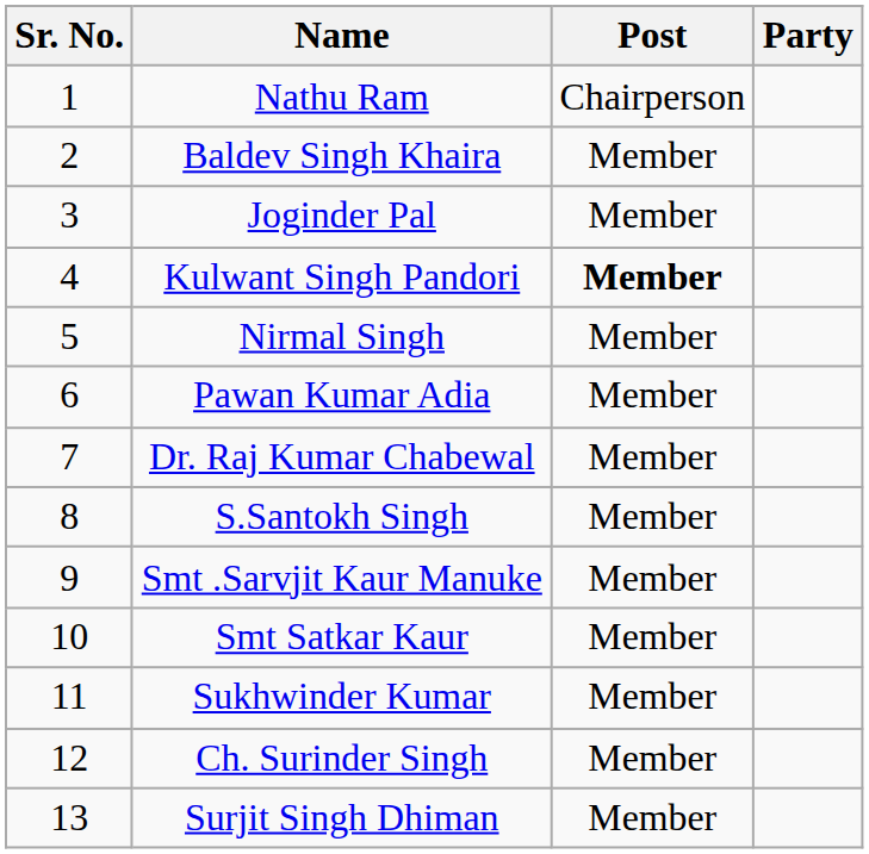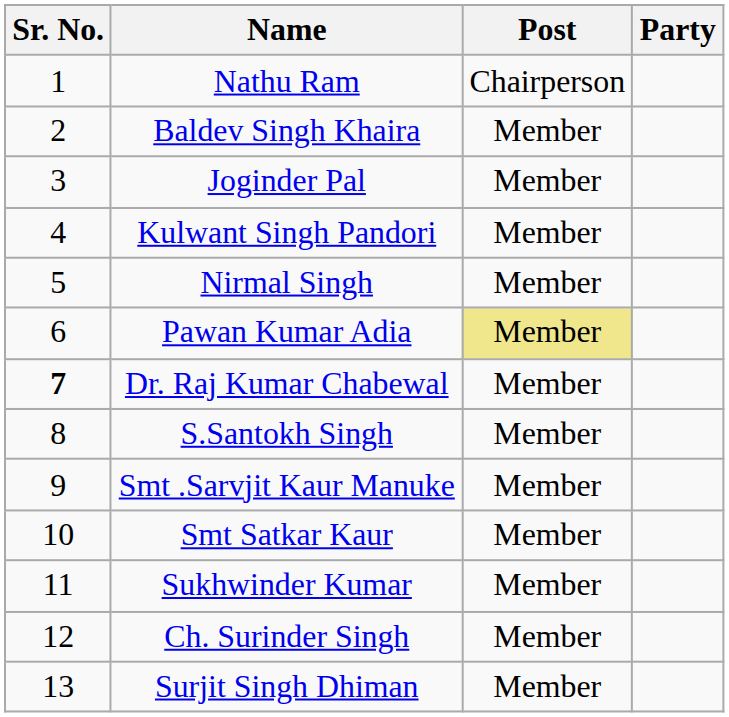 <table class="wikitable">
 <tr>
 <th>Sr. No.</th>
 <th>Name</th>
 <th>Post</th>
 <th colspan="2">Party</th>
 </tr>
 <tr align="center">
 <td>1</td>
 <td><a href='#'>Nathu Ram</a></td>
 <td>Chairperson</td>
 <td></td>
 </tr>
 <tr align="center">
 <td>2</td>
 <td><a href='#'>Baldev Singh Khaira</a></td>
 <td>Member</td>
 <td></td>
 </tr>
 <tr align="center">
 <td>3</td>
 <td><a href='#'>Joginder Pal</a></td>
 <td>Member</td>
 <td></td>
 </tr>
 <tr align="center">
 <td>4</td>
 <td><a href='#'>Kulwant Singh Pandori</a></td>
-<td><strong>Member</strong></td>
+<td>Member</td>
 <td></td>
 </tr>
 <tr align="center">
 <td>5</td>
 <td><a href='#'>Nirmal Singh</a></td>
 <td>Member</td>
 <td></td>
 </tr>
 <tr align="center">
 <td>6</td>
 <td><a href='#'>Pawan Kumar Adia</a></td>
-<td>Member</td>
+<td style="background: khaki;">Member</td>
 <td></td>
 </tr>
 <tr align="center">
-<td>7</td>
+<td><strong>7</strong></td>
 <td><a href='#'>Dr. Raj Kumar Chabewal</a></td>
 <td>Member</td>
 <td></td>
 </tr>
 <tr align="center">
 <td>8</td>
 <td><a href='#'>S.Santokh Singh</a></td>
 <td>Member</td>
 <td></td>
 </tr>
 <tr align="center">
 <td>9</td>
 <td><a href='#'>Smt .Sarvjit Kaur Manuke</a></td>
 <td>Member</td>
 <td></td>
 </tr>
 <tr align="center">
 <td>10</td>
 <td><a href='#'>Smt Satkar Kaur</a></td>
 <td>Member</td>
 <td></td>
 </tr>
 <tr align="center">
 <td>11</td>
 <td><a href='#'>Sukhwinder Kumar</a></td>
 <td>Member</td>
 <td></td>
 </tr>
 <tr align="center">
 <td>12</td>
 <td><a href='#'>Ch. Surinder Singh</a></td>
 <td>Member</td>
 <td></td>
 </tr>
 <tr align="center">
 <td>13</td>
 <td><a href='#'>Surjit Singh Dhiman</a></td>
 <td>Member</td>
 <td></td>
 </tr>
 </table>
